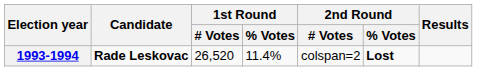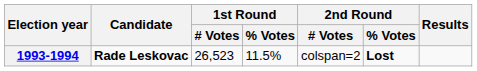 <table class="wikitable">
 <tr>
 <th rowspan="2">Election year</th>
 <th rowspan="2">Candidate</th>
 <th colspan="2">1st Round</th>
 <th colspan="2">2nd Round</th>
 <th rowspan="2">Results</th>
 </tr>
 <tr>
 <th># Votes</th>
 <th>% Votes</th>
 <th># Votes</th>
 <th>% Votes</th>
 </tr>
 <tr>
 <th><a href='#'>1993-1994</a></th>
 <td><strong>Rade Leskovac</strong></td>
-<td>26,520</td>
-<td>11.4%</td>
+<td>26,523</td>
+<td>11.5%</td>
 <td>colspan=2 </td>
 <td><strong>Lost</strong> </td>
 </tr>
 </table>
